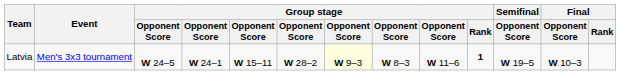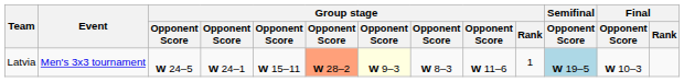 <table class="wikitable" style="font-size:90%">
 <tr>
 <th rowspan="2">Team</th>
 <th rowspan="2">Event</th>
 <th colspan="8">Group stage</th>
 <th>Semifinal</th>
 <th colspan="2">Final</th>
 </tr>
 <tr style="font-size:95%">
 <th>Opponent<br>Score</th>
 <th>Opponent<br>Score</th>
 <th>Opponent<br>Score</th>
 <th>Opponent<br>Score</th>
 <th>Opponent<br>Score</th>
 <th>Opponent<br>Score</th>
 <th>Opponent<br>Score</th>
 <th>Rank</th>
 <th>Opponent<br>Score</th>
 <th>Opponent<br>Score</th>
 <th>Rank</th>
 </tr>
 <tr align="center">
 <td align="left">Latvia</td>
 <td align="left"><a href='#'>Men's 3x3 tournament</a></td>
 <td><br><strong>W</strong> 24–5</td>
 <td><br><strong>W</strong> 24–1</td>
 <td><br><strong>W</strong> 15–11</td>
-<td><br><strong>W</strong> 28–2</td>
+<td style="background: lightsalmon;"><br><strong>W</strong> 28–2</td>
 <td style="background: lightyellow;"><br><strong>W</strong> 9–3</td>
 <td><br><strong>W</strong> 8–3</td>
 <td><br><strong>W</strong> 11–6</td>
-<td><strong>1</strong></td>
-<td><br><strong>W</strong> 19–5</td>
+<td>1</td>
+<td style="background: lightblue;"><br><strong>W</strong> 19–5</td>
 <td><br><strong>W</strong> 10–3</td>
 <td></td>
 </tr>
 </table>
